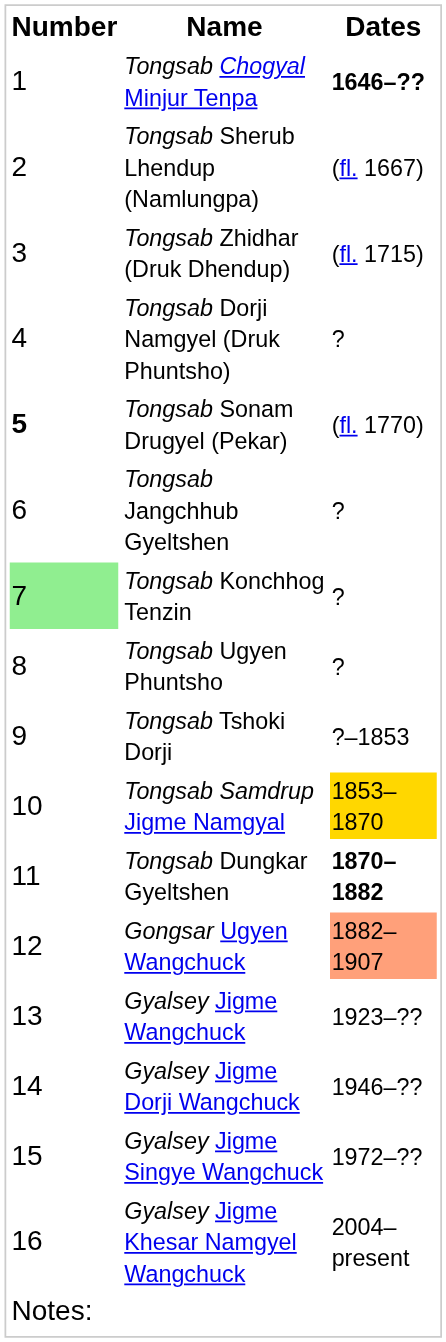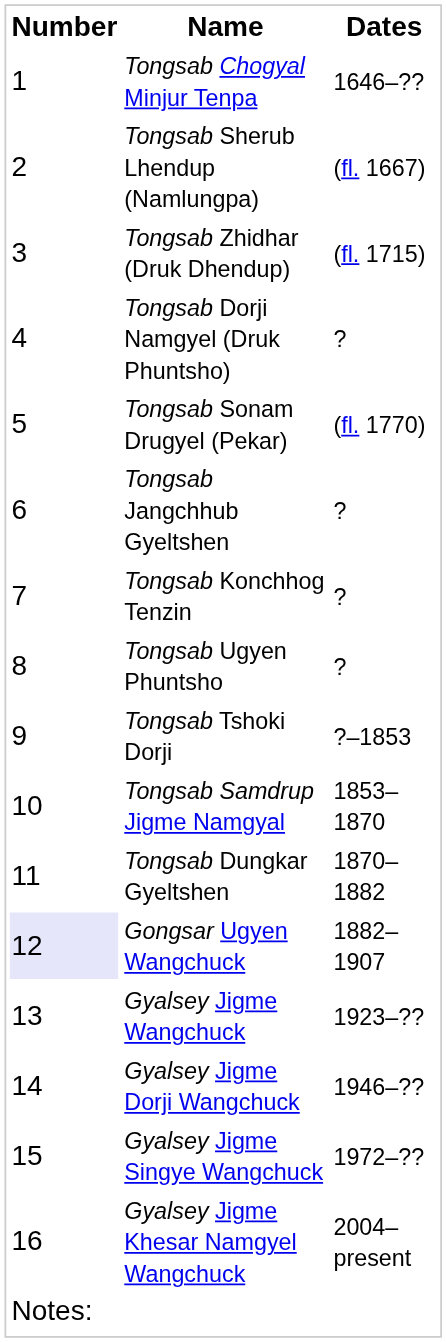 <table style="float: right; border: 1px solid #CCCCCC; margin: .46em 0 0 .2em;" width=250px>
 <tr>
 <th>Number</th>
 <th>Name</th>
 <th>Dates</th>
 </tr>
 <tr>
 <td>1</td>
 <td><small><em>Tongsab <a href='#'>Chogyal</a></em> <a href='#'>Minjur Tenpa</a></small></td>
-<td><strong><small>1646–??</small></strong></td>
+<td><small>1646–??</small></td>
 </tr>
 <tr>
 <td>2</td>
 <td><small><em>Tongsab</em> Sherub Lhendup (Namlungpa)</small></td>
 <td><small>(<a href='#'>fl.</a> 1667)</small></td>
 </tr>
 <tr>
 <td>3</td>
 <td><small><em>Tongsab</em>  Zhidhar (Druk Dhendup)</small></td>
 <td><small>(<a href='#'>fl.</a> 1715)</small></td>
 </tr>
 <tr>
 <td>4</td>
 <td><small><em>Tongsab</em> Dorji Namgyel (Druk Phuntsho)</small></td>
 <td><small>?</small></td>
 </tr>
 <tr>
-<td><strong>5</strong></td>
+<td>5</td>
 <td><small><em>Tongsab</em> Sonam Drugyel (Pekar)</small></td>
 <td><small>(<a href='#'>fl.</a> 1770)</small></td>
 </tr>
 <tr>
 <td>6</td>
 <td><small><em>Tongsab</em> Jangchhub Gyeltshen</small></td>
 <td><small>?</small></td>
 </tr>
 <tr>
-<td style="background: lightgreen;">7</td>
+<td>7</td>
 <td><small><em>Tongsab</em> Konchhog Tenzin</small></td>
 <td><small>?</small></td>
 </tr>
 <tr>
 <td>8</td>
 <td><small><em>Tongsab</em> Ugyen Phuntsho</small></td>
 <td><small>?</small></td>
 </tr>
 <tr>
 <td>9</td>
 <td><small><em>Tongsab</em> Tshoki Dorji</small></td>
 <td><small>?–1853</small></td>
 </tr>
 <tr>
 <td>10</td>
 <td><small><em>Tongsab Samdrup</em> <a href='#'>Jigme Namgyal</a></small></td>
-<td style="background: gold;"><small>1853–1870</small></td>
+<td><small>1853–1870</small></td>
 </tr>
 <tr>
 <td>11</td>
 <td><small><em>Tongsab</em> Dungkar Gyeltshen</small></td>
-<td><strong><small> 1870–1882</small></strong></td>
+<td><small> 1870–1882</small></td>
 </tr>
 <tr>
-<td>12</td>
+<td style="background: lavender;">12</td>
 <td><small><em>Gongsar</em> <a href='#'>Ugyen Wangchuck</a></small></td>
-<td style="background: lightsalmon;"><small>1882–1907</small></td>
+<td><small>1882–1907</small></td>
 </tr>
 <tr>
 <td>13</td>
 <td><small><em>Gyalsey</em> <a href='#'>Jigme Wangchuck</a></small></td>
 <td><small>1923–??</small></td>
 </tr>
 <tr>
 <td>14</td>
 <td><small><em>Gyalsey</em> <a href='#'>Jigme Dorji Wangchuck</a></small></td>
 <td><small>1946–??</small></td>
 </tr>
 <tr>
 <td>15</td>
 <td><small><em>Gyalsey</em> <a href='#'>Jigme Singye Wangchuck</a></small></td>
 <td><small>1972–??</small></td>
 </tr>
 <tr>
 <td>16</td>
 <td><small><em>Gyalsey</em> <a href='#'>Jigme Khesar Namgyel Wangchuck</a></small></td>
 <td><small>2004–present</small></td>
 </tr>
 <tr>
 <td colspan=4>Notes:<br></td>
 </tr>
 <tr>
 </tr>
 </table>
